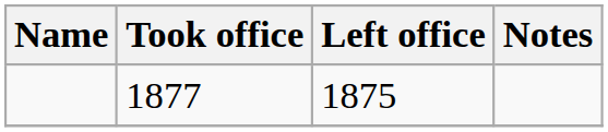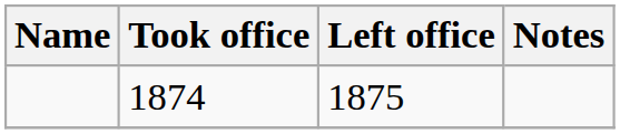 <table class="wikitable">
 <tr>
 <th>Name</th>
 <th>Took office</th>
 <th>Left office</th>
 <th>Notes</th>
 </tr>
 <tr>
 <td></td>
-<td>1877</td>
+<td>1874</td>
 <td>1875</td>
 <td></td>
 </tr>
 <tr>
 </tr>
 </table>
